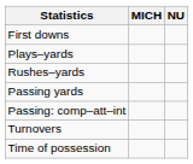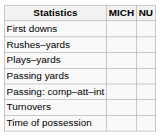 <table class="wikitable" style="float:left">
 <tr>
 <th>Statistics</th>
 <th>MICH</th>
 <th>NU</th>
 </tr>
 <tr>
 <td>First downs</td>
 <td></td>
 <td></td>
 </tr>
 <tr>
-<td>Plays–yards</td>
+<td>Rushes–yards</td>
 <td></td>
 <td></td>
 </tr>
 <tr>
-<td>Rushes–yards</td>
+<td>Plays–yards</td>
 <td></td>
 <td></td>
 </tr>
 <tr>
 <td>Passing yards</td>
 <td></td>
 <td></td>
 </tr>
 <tr>
 <td>Passing: comp–att–int</td>
 <td></td>
 <td></td>
 </tr>
 <tr>
 <td>Turnovers</td>
 <td></td>
 <td></td>
 </tr>
 <tr>
 <td>Time of possession</td>
 <td></td>
 <td></td>
 </tr>
 </table>
